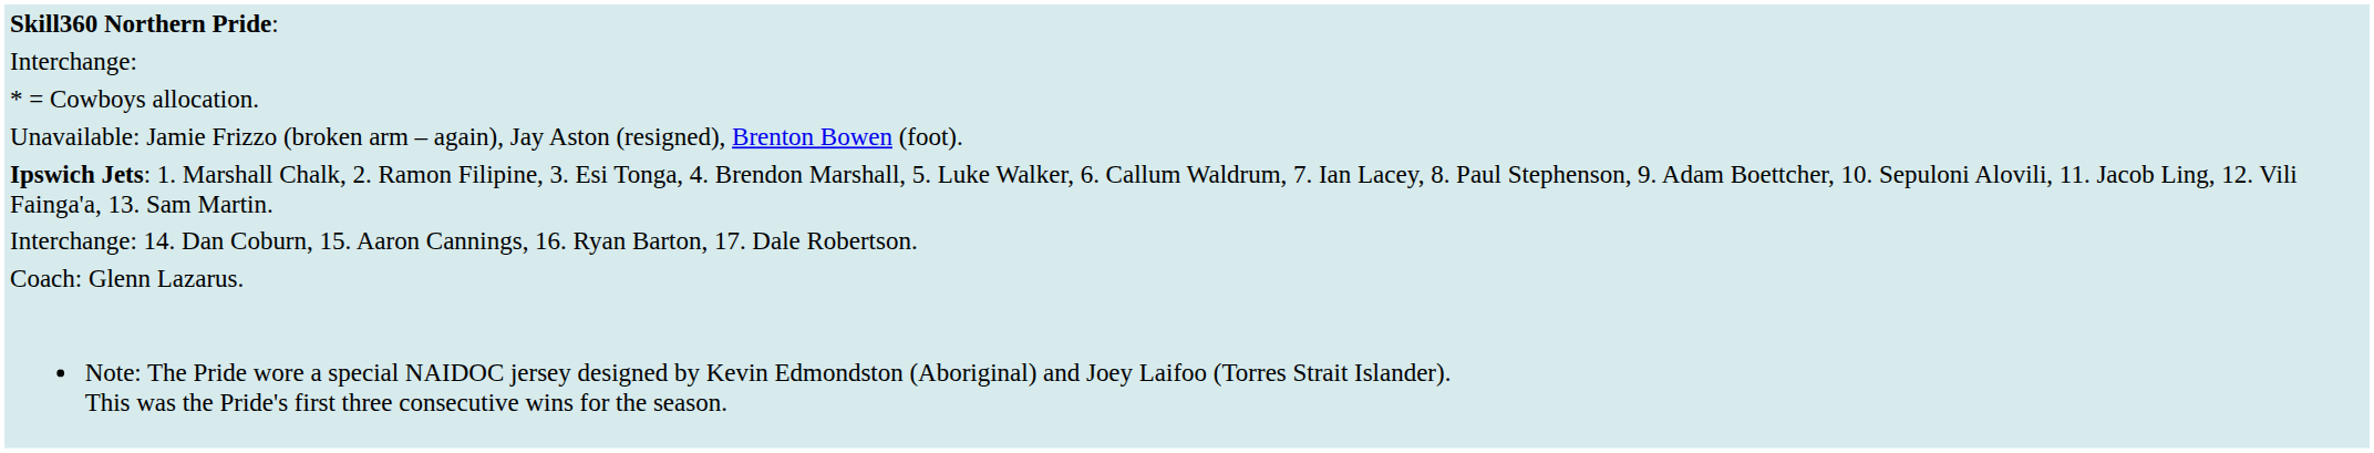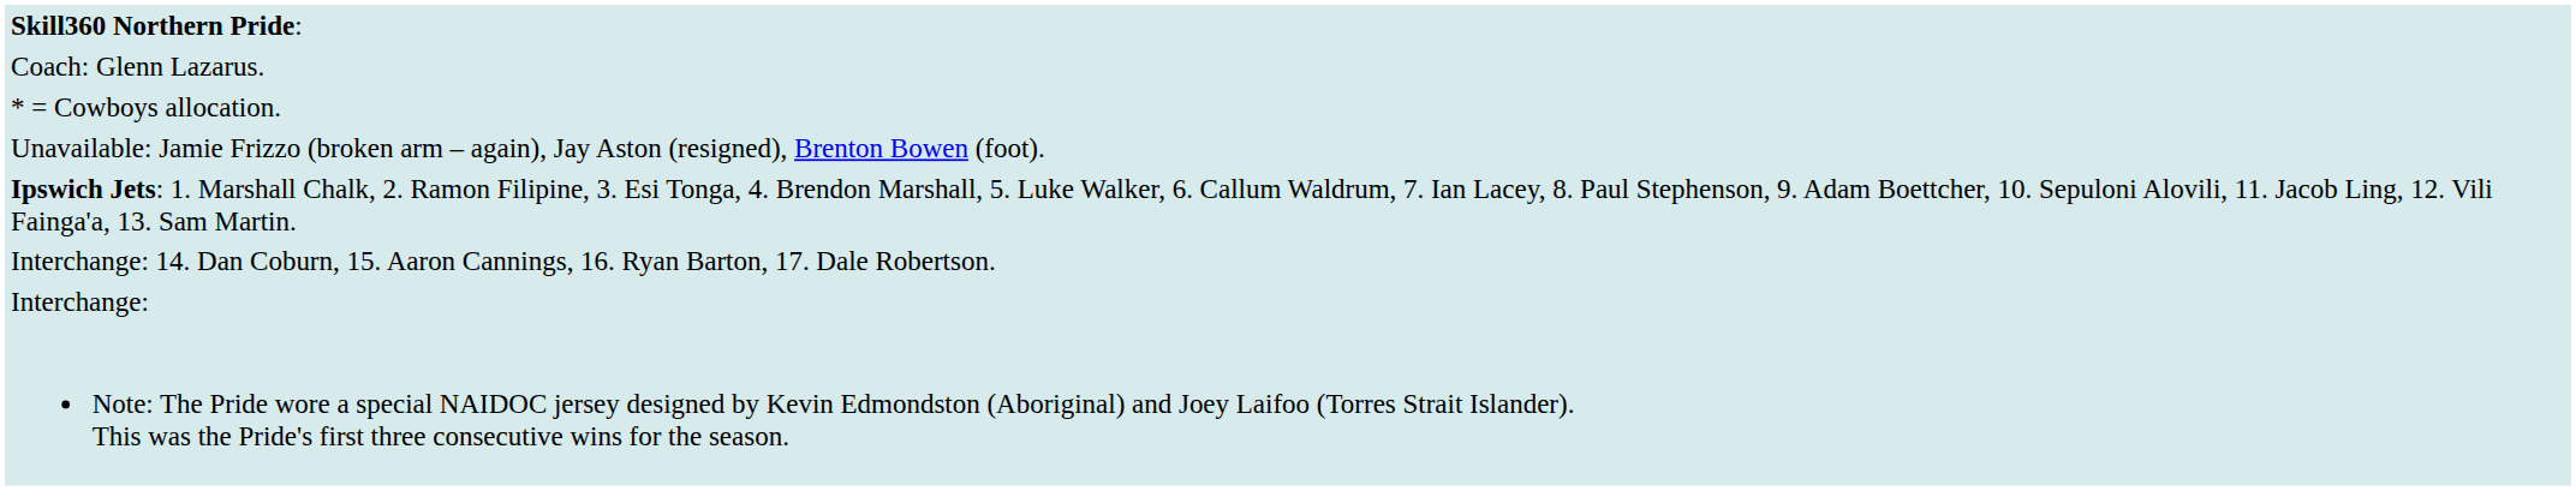 <table style="background:#d7ebed; font-size:85%; width:100%;">
 <tr>
 <td><strong>Skill360 Northern Pride</strong>:            </td>
 </tr>
 <tr>
-<td>Interchange:    </td>
+<td>Coach: Glenn Lazarus.</td>
 </tr>
 <tr>
 <td>* = Cowboys allocation.</td>
 </tr>
 <tr>
 <td>Unavailable: Jamie Frizzo (broken arm – again), Jay Aston (resigned), <a href='#'>Brenton Bowen</a> (foot).</td>
 </tr>
 <tr>
 <td><strong>Ipswich Jets</strong>: 1. Marshall Chalk, 2. Ramon Filipine, 3. Esi Tonga, 4. Brendon Marshall, 5. Luke Walker, 6. Callum Waldrum, 7. Ian Lacey, 8. Paul Stephenson, 9. Adam Boettcher, 10. Sepuloni Alovili, 11. Jacob Ling, 12. Vili Fainga'a, 13. Sam Martin.</td>
 </tr>
 <tr>
 <td>Interchange: 14. Dan Coburn, 15. Aaron Cannings, 16. Ryan Barton, 17. Dale Robertson.</td>
 </tr>
 <tr>
-<td>Coach: Glenn Lazarus.</td>
+<td>Interchange:    </td>
 </tr>
 <tr>
 <td><br><ul><li>Note: The Pride wore a special NAIDOC jersey designed by Kevin Edmondston (Aboriginal) and Joey Laifoo (Torres Strait Islander).<br>This was the Pride's first three consecutive wins for the season.</li></ul></td>
 </tr>
 </table>
